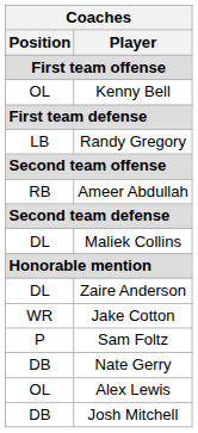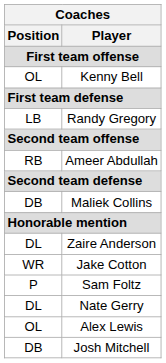 <table class="wikitable sortable" border="1">
 <tr>
 <th colspan="2">Coaches</th>
 </tr>
 <tr>
 <th>Position</th>
 <th>Player</th>
 </tr>
 <tr>
 <td colspan="4" style="text-align:center; background:#DDDDDD;"><strong>First team offense</strong></td>
 </tr>
 <tr>
 <td style="text-align:center; background:white">OL</td>
 <td style="text-align:center; background:white">Kenny Bell</td>
 </tr>
 <tr>
 <td colspan="4" style="text=align:center; background:#DDDDDD;"><strong>First team defense</strong></td>
 </tr>
 <tr>
 <td style="text-align:center; background:white">LB</td>
 <td style="text-align:center; background:white">Randy Gregory</td>
 </tr>
 <tr>
 <td colspan="4" style="text=align:center; background:#DDDDDD;"><strong>Second team offense</strong></td>
 </tr>
 <tr>
 <td style="text-align:center; background:white">RB</td>
 <td style="text-align:center; background:white">Ameer Abdullah</td>
 </tr>
 <tr>
 <td colspan="4" style="text=align:center; background:#DDDDDD;"><strong>Second team defense</strong></td>
 </tr>
 <tr>
-<td style="text-align:center; background:white">DL</td>
+<td style="text-align:center; background:white">DB</td>
 <td style="text-align:center; background:white">Maliek Collins</td>
 </tr>
 <tr>
 <td colspan="4" style="text=align:center; background:#DDDDDD;"><strong>Honorable mention</strong></td>
 </tr>
 <tr>
 <td style="text-align:center; background:white">DL</td>
 <td style="text-align:center; background:white">Zaire Anderson</td>
 </tr>
 <tr>
 <td style="text-align:center; background:white">WR</td>
 <td style="text-align:center; background:white">Jake Cotton</td>
 </tr>
 <tr>
 <td style="text-align:center; background:white">P</td>
 <td style="text-align:center; background:white">Sam Foltz</td>
 </tr>
 <tr>
-<td style="text-align:center; background:white">DB</td>
+<td style="text-align:center; background:white">DL</td>
 <td style="text-align:center; background:white">Nate Gerry</td>
 </tr>
 <tr>
 <td style="text-align:center; background:white">OL</td>
 <td style="text-align:center; background:white">Alex Lewis</td>
 </tr>
 <tr>
 <td style="text-align:center; background:white">DB</td>
 <td style="text-align:center; background:white">Josh Mitchell</td>
 </tr>
 </table>
